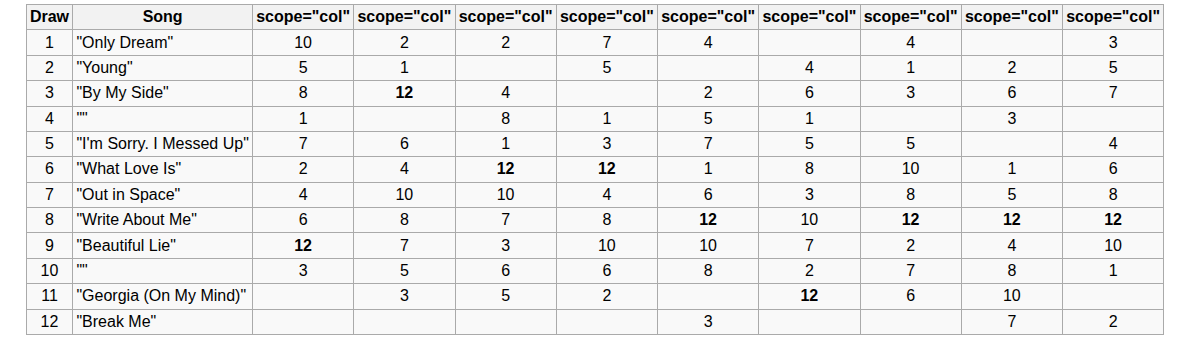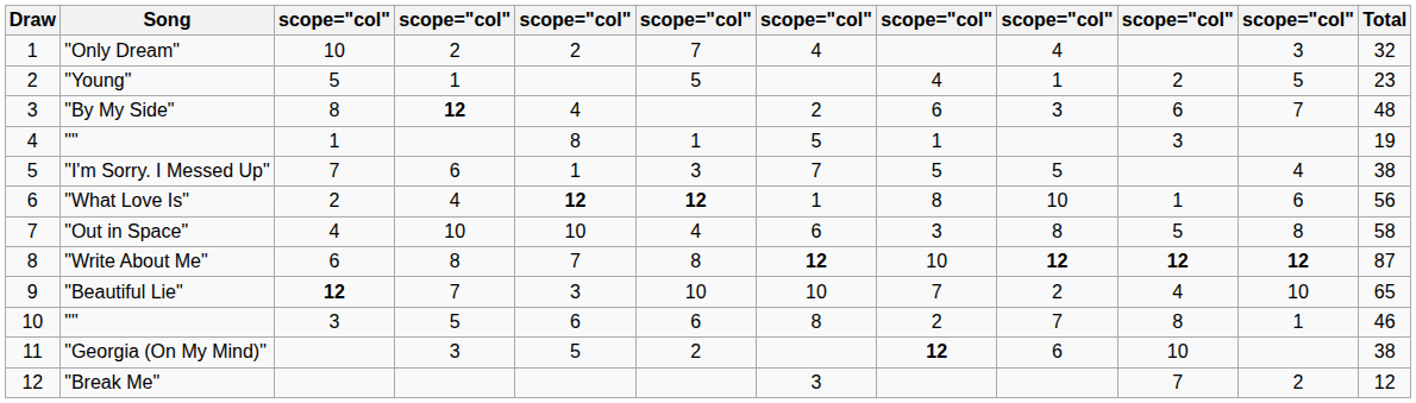 <table class="wikitable collapsible" style="margin: 1em auto 1em auto; text-align:center;">
 <tr>
 <th>Draw</th>
 <th>Song</th>
 <th>scope="col" </th>
 <th>scope="col" </th>
 <th>scope="col" </th>
 <th>scope="col" </th>
 <th>scope="col" </th>
 <th>scope="col" </th>
 <th>scope="col" </th>
 <th>scope="col" </th>
 <th>scope="col" </th>
+<th>Total</th>
 </tr>
 <tr>
 <td>1</td>
 <td align="left">"Only Dream"</td>
 <td>10</td>
 <td>2</td>
 <td>2</td>
 <td>7</td>
 <td>4</td>
 <td></td>
 <td>4</td>
 <td></td>
 <td>3</td>
+<td>32</td>
 </tr>
 <tr>
 <td>2</td>
 <td align="left">"Young"</td>
 <td>5</td>
 <td>1</td>
 <td></td>
 <td>5</td>
 <td></td>
 <td>4</td>
 <td>1</td>
 <td>2</td>
 <td>5</td>
+<td>23</td>
 </tr>
 <tr>
 <td>3</td>
 <td align="left">"By My Side"</td>
 <td>8</td>
 <td><strong>12</strong></td>
 <td>4</td>
 <td></td>
 <td>2</td>
 <td>6</td>
 <td>3</td>
 <td>6</td>
 <td>7</td>
+<td>48</td>
 </tr>
 <tr>
 <td>4</td>
 <td align="left">""</td>
 <td>1</td>
 <td></td>
 <td>8</td>
 <td>1</td>
 <td>5</td>
 <td>1</td>
 <td></td>
 <td>3</td>
 <td></td>
+<td>19</td>
 </tr>
 <tr>
 <td>5</td>
 <td align="left">"I'm Sorry. I Messed Up"</td>
 <td>7</td>
 <td>6</td>
 <td>1</td>
 <td>3</td>
 <td>7</td>
 <td>5</td>
 <td>5</td>
 <td></td>
 <td>4</td>
+<td>38</td>
 </tr>
 <tr>
 <td>6</td>
 <td align="left">"What Love Is"</td>
 <td>2</td>
 <td>4</td>
 <td><strong>12</strong></td>
 <td><strong>12</strong></td>
 <td>1</td>
 <td>8</td>
 <td>10</td>
 <td>1</td>
 <td>6</td>
+<td>56</td>
 </tr>
 <tr>
 <td>7</td>
 <td align="left">"Out in Space"</td>
 <td>4</td>
 <td>10</td>
 <td>10</td>
 <td>4</td>
 <td>6</td>
 <td>3</td>
 <td>8</td>
 <td>5</td>
 <td>8</td>
+<td>58</td>
 </tr>
 <tr>
 <td>8</td>
 <td align="left">"Write About Me"</td>
 <td>6</td>
 <td>8</td>
 <td>7</td>
 <td>8</td>
 <td><strong>12</strong></td>
 <td>10</td>
 <td><strong>12</strong></td>
 <td><strong>12</strong></td>
 <td><strong>12</strong></td>
+<td>87</td>
 </tr>
 <tr>
 <td>9</td>
 <td align="left">"Beautiful Lie"</td>
 <td><strong>12</strong></td>
 <td>7</td>
 <td>3</td>
 <td>10</td>
 <td>10</td>
 <td>7</td>
 <td>2</td>
 <td>4</td>
 <td>10</td>
+<td>65</td>
 </tr>
 <tr>
 <td>10</td>
 <td align="left">""</td>
 <td>3</td>
 <td>5</td>
 <td>6</td>
 <td>6</td>
 <td>8</td>
 <td>2</td>
 <td>7</td>
 <td>8</td>
 <td>1</td>
+<td>46</td>
 </tr>
 <tr>
 <td>11</td>
 <td align="left">"Georgia (On My Mind)"</td>
 <td></td>
 <td>3</td>
 <td>5</td>
 <td>2</td>
 <td></td>
 <td><strong>12</strong></td>
 <td>6</td>
 <td>10</td>
 <td></td>
+<td>38</td>
 </tr>
 <tr>
 <td>12</td>
 <td align="left">"Break Me"</td>
 <td></td>
 <td></td>
 <td></td>
 <td></td>
 <td>3</td>
 <td></td>
 <td></td>
 <td>7</td>
 <td>2</td>
+<td>12</td>
 </tr>
 </table>
